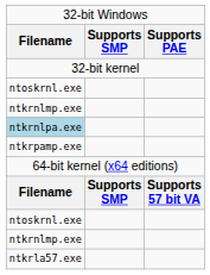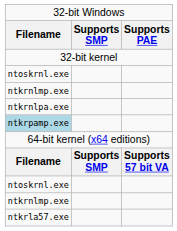 <table class="wikitable sortable" style="text-align: center; margin: 0px auto;">
 <tr>
 <td colspan="3">32-bit Windows</td>
 </tr>
 <tr>
 <th>Filename</th>
 <th>Supports<br><a href='#'>SMP</a></th>
 <th>Supports<br><a href='#'>PAE</a></th>
 </tr>
 <tr>
 <td colspan="4">32-bit kernel</td>
 </tr>
 <tr>
 <td><code>ntoskrnl.exe</code></td>
 <td></td>
 <td></td>
 </tr>
 <tr>
 <td><code>ntkrnlmp.exe</code></td>
 <td></td>
 <td></td>
 </tr>
 <tr>
-<td style="background: lightblue;"><code>ntkrnlpa.exe</code></td>
+<td><code>ntkrnlpa.exe</code></td>
 <td></td>
 <td></td>
 </tr>
 <tr>
-<td><code>ntkrpamp.exe</code></td>
+<td style="background: lightblue;"><code>ntkrpamp.exe</code></td>
 <td></td>
 <td></td>
 </tr>
 <tr>
 <td colspan="3">64-bit kernel (<a href='#'>x64</a> editions)</td>
 </tr>
 <tr>
 <th>Filename</th>
 <th>Supports<br><a href='#'>SMP</a></th>
 <th>Supports<br><a href='#'>57 bit VA</a></th>
 </tr>
 <tr>
 <td><code>ntoskrnl.exe</code></td>
 <td></td>
 <td></td>
 </tr>
 <tr>
 <td><code>ntkrnlmp.exe</code></td>
 <td></td>
 <td></td>
 </tr>
 <tr>
 <td><code>ntkrla57.exe</code></td>
 <td></td>
 <td></td>
 </tr>
 </table>
